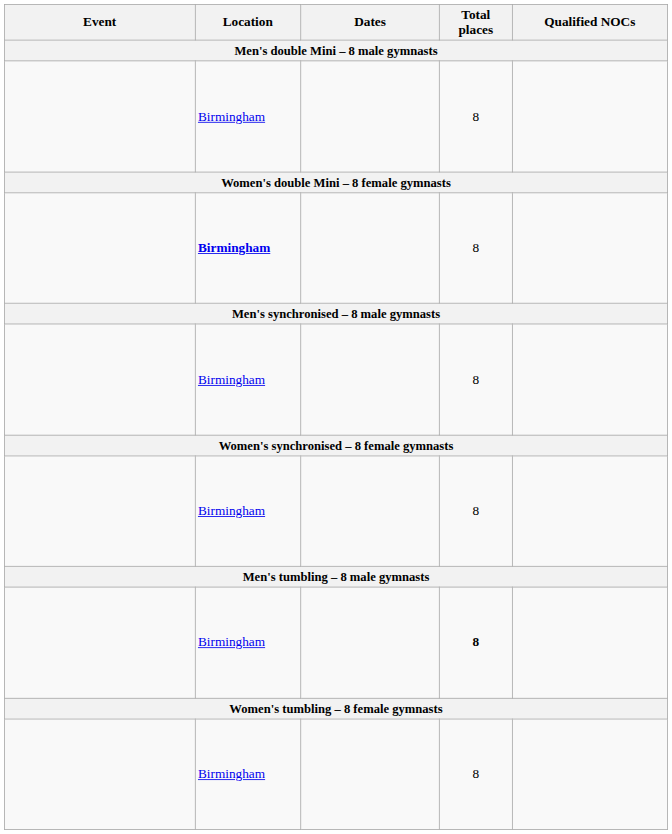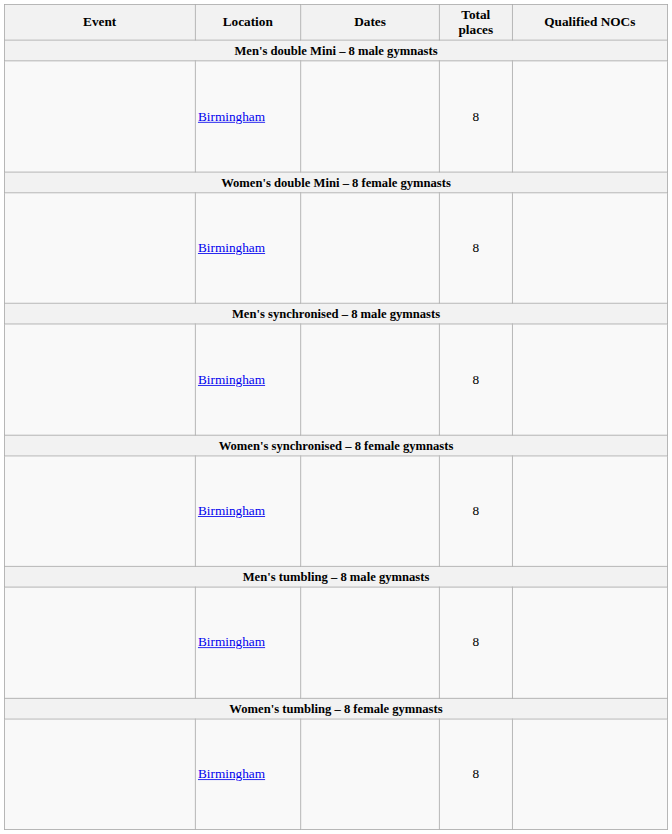 <table class="wikitable" width=800>
 <tr>
 <th>Event</th>
 <th width=120>Location</th>
 <th width=160>Dates</th>
 <th width=80>Total places</th>
 <th width=180>Qualified NOCs</th>
 </tr>
 <tr style="font-size:95%;">
 <th colspan=5>Men's double Mini – 8 male gymnasts</th>
 </tr>
 <tr>
 <td></td>
 <td> <a href='#'>Birmingham</a></td>
 <td align="center"></td>
 <td align="center">8</td>
 <td><br><br><br><br><br><br><br></td>
 </tr>
 <tr style="font-size:95%;">
 <th colspan=5>Women's double Mini – 8 female gymnasts</th>
 </tr>
 <tr>
 <td></td>
-<td><strong> <a href='#'>Birmingham</a></strong></td>
+<td> <a href='#'>Birmingham</a></td>
 <td align="center"></td>
 <td align="center">8</td>
 <td><br><br><br><br><br><br><br></td>
 </tr>
 <tr style="font-size:95%;">
 <th colspan=5>Men's synchronised – 8 male gymnasts</th>
 </tr>
 <tr>
 <td></td>
 <td> <a href='#'>Birmingham</a></td>
 <td align="center"></td>
 <td align="center">8</td>
 <td><br><br><br><br><br><br><br></td>
 </tr>
 <tr style="font-size:95%;">
 <th colspan=5>Women's synchronised – 8 female gymnasts</th>
 </tr>
 <tr>
 <td></td>
 <td> <a href='#'>Birmingham</a></td>
 <td align="center"></td>
 <td align="center">8</td>
 <td><br><br><br><br><br><br><br></td>
 </tr>
 <tr style="font-size:95%;">
 <th colspan=5>Men's tumbling – 8 male gymnasts</th>
 </tr>
 <tr>
 <td></td>
 <td> <a href='#'>Birmingham</a></td>
 <td align="center"></td>
-<td align="center"><strong>8</strong></td>
+<td align="center">8</td>
 <td><br><br><br><br><br><br><br></td>
 </tr>
 <tr style="font-size:95%;">
 <th colspan=5>Women's tumbling – 8 female gymnasts</th>
 </tr>
 <tr>
 <td></td>
 <td> <a href='#'>Birmingham</a></td>
 <td align="center"></td>
 <td align="center">8</td>
 <td><br><br><br><br><br><br><br></td>
 </tr>
 </table>
